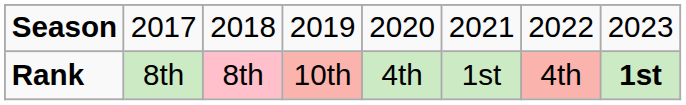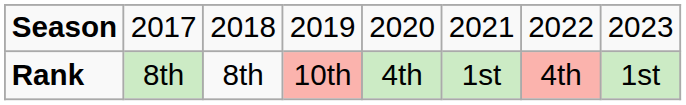 <table class="wikitable">
 <tr>
 <td><strong>Season</strong></td>
 <td>2017</td>
 <td>2018</td>
 <td>2019</td>
 <td>2020</td>
 <td>2021</td>
 <td>2022</td>
 <td>2023</td>
 </tr>
 <tr>
 <td><strong>Rank</strong></td>
 <td style="background:#ccebc5; text-align:center">8th</td>
-<td style="background: pink; text-align:center">8th</td>
+<td style="text-align:center">8th</td>
 <td style="background:#fbb3ad; text-align:center">10th</td>
 <td style="background:#ccebc5; text-align:center">4th</td>
 <td style="background:#ccebc5; text-align:center">1st</td>
 <td style="background:#fbb3ad; text-align:center">4th</td>
-<td style="background:#ccebc5; text-align:center"><strong>1st</strong></td>
+<td style="background:#ccebc5; text-align:center">1st</td>
 </tr>
 </table>
